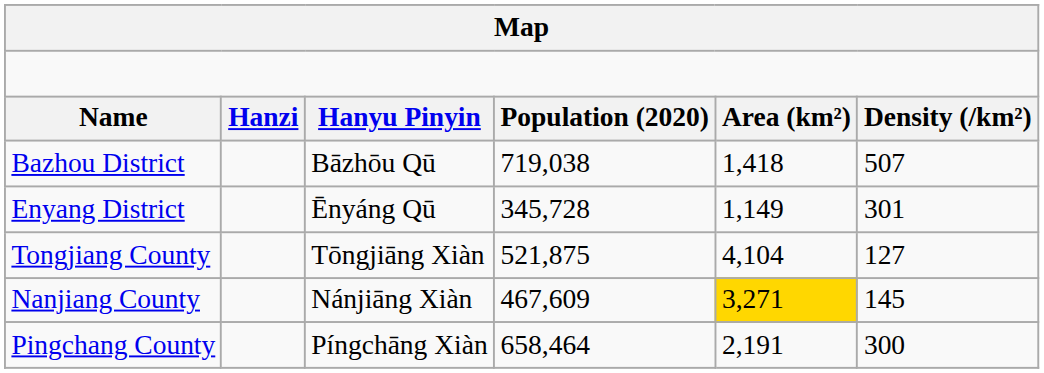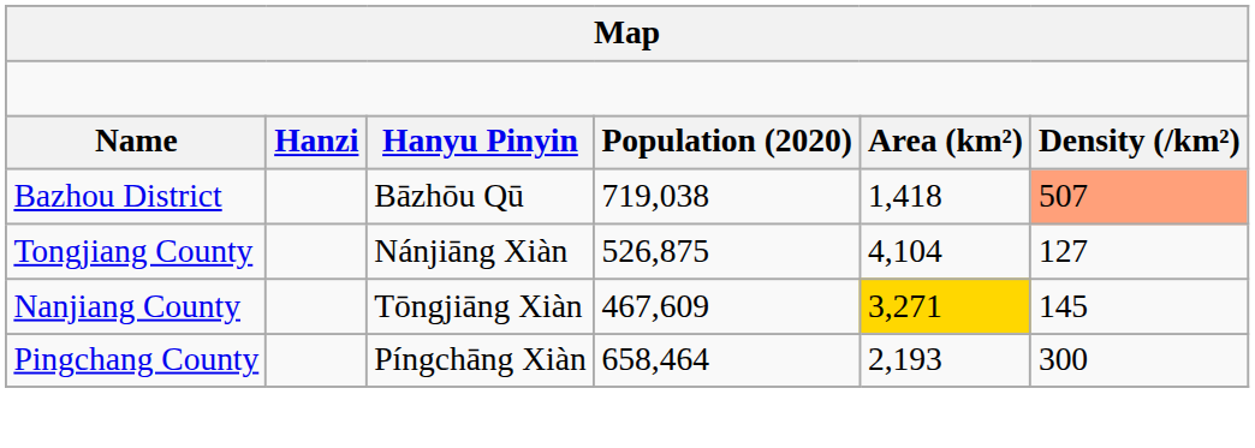 <table class="wikitable"  style="font-size:90%;" align=center>
 <tr>
 <th colspan="6" align="center">Map</th>
 </tr>
 <tr>
 <td colspan="6" align="center"><div><br>       </div></td>
 </tr>
 <tr>
 <th>Name</th>
 <th><a href='#'>Hanzi</a></th>
 <th><a href='#'>Hanyu Pinyin</a></th>
 <th>Population (2020)</th>
 <th>Area (km²)</th>
 <th>Density (/km²)</th>
 </tr>
 <tr --------->
 <td><a href='#'>Bazhou District</a></td>
 <td></td>
 <td>Bāzhōu Qū</td>
 <td>719,038</td>
 <td>1,418</td>
-<td>507</td>
-</tr>
-<tr --------->
-<td><a href='#'>Enyang District</a></td>
-<td></td>
-<td>Ēnyáng Qū</td>
-<td>345,728</td>
-<td>1,149</td>
-<td>301</td>
+<td style="background: lightsalmon;">507</td>
 </tr>
 <tr --------->
 <td><a href='#'>Tongjiang County</a></td>
 <td></td>
-<td>Tōngjiāng Xiàn</td>
-<td>521,875</td>
+<td>Nánjiāng Xiàn</td>
+<td>526,875</td>
 <td>4,104</td>
 <td>127</td>
 </tr>
 <tr --------->
 <td><a href='#'>Nanjiang County</a></td>
 <td></td>
-<td>Nánjiāng Xiàn</td>
+<td>Tōngjiāng Xiàn</td>
 <td>467,609</td>
 <td style="background: gold;">3,271</td>
 <td>145</td>
 </tr>
 <tr --------->
 <td><a href='#'>Pingchang County</a></td>
 <td></td>
 <td>Píngchāng Xiàn</td>
 <td>658,464</td>
-<td>2,191</td>
+<td>2,193</td>
 <td>300</td>
 </tr>
 </table>
